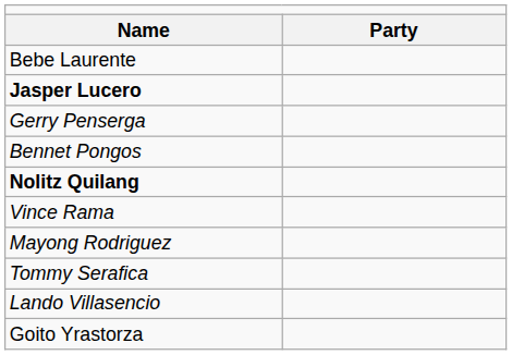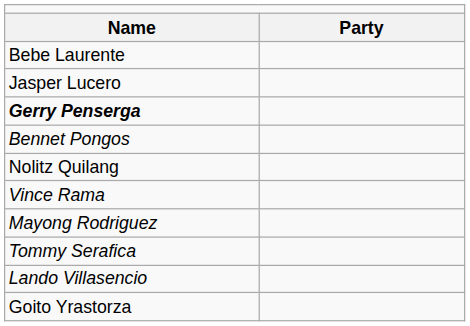 <table class=wikitable style="font-size:90%">
 <tr>
 <td colspan=4 bgcolor=></td>
 </tr>
 <tr>
 <th width=200px>Name</th>
 <th colspan=2 width=160px>Party</th>
 </tr>
 <tr>
 <td>Bebe Laurente</td>
 <td></td>
 </tr>
 <tr>
-<td><strong>Jasper Lucero</strong></td>
+<td>Jasper Lucero</td>
 <td></td>
 </tr>
 <tr>
-<td><em>Gerry Penserga</em></td>
+<td><strong><em>Gerry Penserga</em></strong></td>
 <td></td>
 </tr>
 <tr>
 <td><em>Bennet Pongos</em></td>
 <td></td>
 </tr>
 <tr>
-<td><strong>Nolitz Quilang</strong></td>
+<td>Nolitz Quilang</td>
 <td></td>
 </tr>
 <tr>
 <td><em>Vince Rama</em></td>
 <td></td>
 </tr>
 <tr>
 <td><em>Mayong Rodriguez</em></td>
 <td></td>
 </tr>
 <tr>
 <td><em>Tommy Serafica</em></td>
 <td></td>
 </tr>
 <tr>
 <td><em>Lando Villasencio</em></td>
 <td></td>
 </tr>
 <tr>
 <td>Goito Yrastorza</td>
 <td></td>
 </tr>
 </table>
